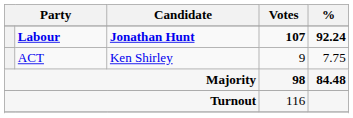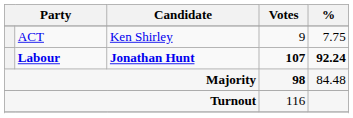 <table class="wikitable" style="font-size: 95%;">
 <tr style="background-color:#E9E9E9">
 <th colspan="2" style="width: 100px">Party</th>
 <th style="width: 170px">Candidate</th>
 <th style="width: 50px">Votes</th>
 <th style="width: 40px">%</th>
 </tr>
 <tr>
 </tr>
 <tr>
+<th style="background-color: "></th>
+<td style="width: 100px"><a href='#'>ACT</a></td>
+<td style="width: 170px"><a href='#'>Ken Shirley</a></td>
+<td align="right">9</td>
+<td align="right">7.75</td>
+</tr>
+<tr>
 <th width=5 style="background-color: "></th>
 <td style="width: 100px"><strong><a href='#'>Labour</a></strong></td>
 <td style="width: 170px"><strong><a href='#'>Jonathan Hunt</a></strong></td>
 <td align="right"><strong>107</strong></td>
 <td align="right"><strong>92.24</strong></td>
 </tr>
-<tr>
-<th style="background-color: "></th>
-<td style="width: 100px"><a href='#'>ACT</a></td>
-<td style="width: 170px"><a href='#'>Ken Shirley</a></td>
-<td align="right">9</td>
-<td align="right">7.75</td>
-</tr>
 <tr style="background-color:#F6F6F6">
 <td colspan="3" align="right"><strong>Majority</strong></td>
 <td align="right"><strong>98</strong></td>
-<td align="right"><strong>84.48</strong></td>
+<td align="right">84.48</td>
 </tr>
 <tr>
 </tr>
 <tr style="background-color:#F6F6F6">
 <td colspan="3" align="right"><strong>Turnout</strong></td>
 <td align="right">116</td>
 <td></td>
 </tr>
 <tr>
 </tr>
 <tr style="background-color:#F6F6F6">
 </tr>
 </table>
